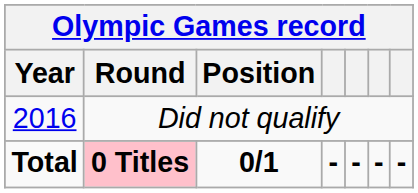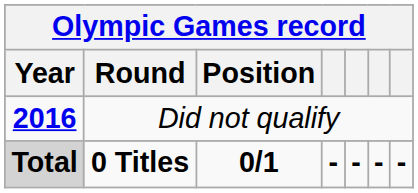 <table class="wikitable" style="text-align: center;">
 <tr>
 <th colspan=10><a href='#'>Olympic Games record</a></th>
 </tr>
 <tr>
 <th>Year</th>
 <th>Round</th>
 <th>Position</th>
 <th></th>
 <th></th>
 <th></th>
 <th></th>
 </tr>
 <tr>
-<td> <a href='#'>2016</a></td>
+<td><strong> <a href='#'>2016</a></strong></td>
 <td colspan="6" rowspan=1><em>Did not qualify</em></td>
 </tr>
 <tr>
-<td colspan=1><strong>Total</strong></td>
-<td style="background: pink;"><strong>0 Titles</strong></td>
+<td colspan=1 style="background: lightgrey;"><strong>Total</strong></td>
+<td><strong>0 Titles</strong></td>
 <td><strong>0/1</strong></td>
 <td><strong>-</strong></td>
 <td><strong>-</strong></td>
 <td><strong>-</strong></td>
 <td><strong>-</strong></td>
 </tr>
 </table>
